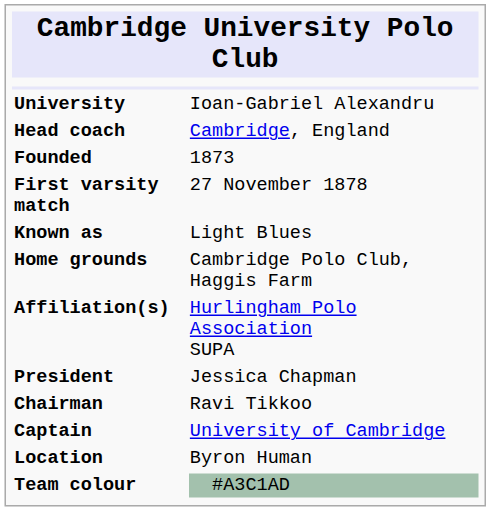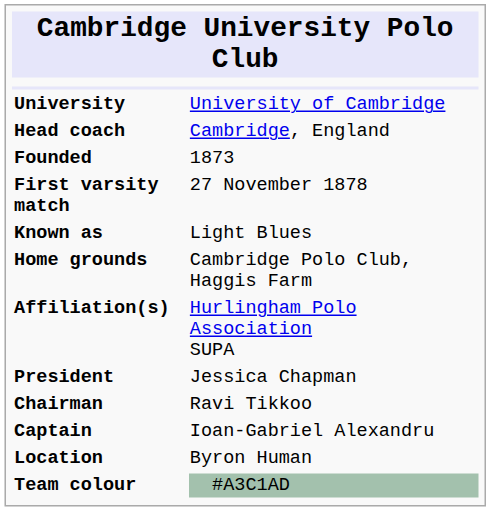 <table class="infobox" style="width: 26em; font-size: 95%;">
 <tr>
 <td colspan="2" style="text-align: center; font-size: 150%;background:lavender;"><strong>Cambridge University Polo Club</strong></td>
 </tr>
 <tr>
 <td colspan="2" style="width:100%; vertical-align:middle; text-align:center;"></td>
 </tr>
 <tr>
 <td colspan="2" style="text-align: center; font-size: 100%; background:lavender;"></td>
 </tr>
 <tr>
 <td><strong>University</strong></td>
-<td>Ioan-Gabriel Alexandru</td>
+<td><a href='#'>University of Cambridge</a></td>
 </tr>
 <tr>
 <td><strong>Head coach</strong></td>
 <td><a href='#'>Cambridge</a>, England</td>
 </tr>
 <tr>
 <td><strong>Founded</strong></td>
 <td>1873</td>
 </tr>
 <tr>
 <td><strong>First varsity match</strong></td>
 <td>27 November 1878</td>
 </tr>
 <tr>
 <td><strong>Known as</strong></td>
 <td>Light Blues</td>
 </tr>
 <tr>
 <td><strong>Home grounds</strong></td>
 <td>Cambridge Polo Club, Haggis Farm</td>
 </tr>
 <tr>
 <td><strong>Affiliation(s)</strong></td>
 <td><a href='#'>Hurlingham Polo Association</a> <br> SUPA</td>
 </tr>
 <tr>
 <td><strong>President</strong></td>
 <td>Jessica Chapman</td>
 </tr>
 <tr>
 <td><strong>Chairman</strong></td>
 <td>Ravi Tikkoo</td>
 </tr>
 <tr>
 <td><strong>Captain</strong></td>
-<td><a href='#'>University of Cambridge</a></td>
+<td>Ioan-Gabriel Alexandru</td>
 </tr>
 <tr>
 <td><strong>Location</strong></td>
 <td>Byron Human</td>
 </tr>
 <tr>
 <td><strong>Team colour</strong></td>
 <td style="background:#A3C1AD">  <span>#A3C1AD</span></td>
 </tr>
 </table>
